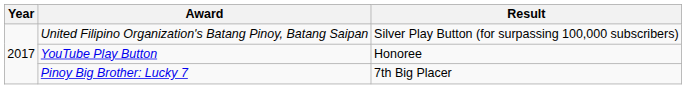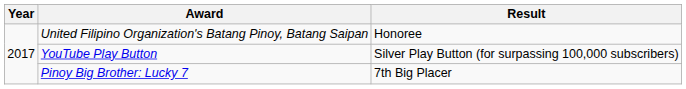 <table class="wikitable">
 <tr>
 <th>Year</th>
 <th>Award</th>
 <th>Result</th>
 </tr>
 <tr>
 <td rowspan="3">2017</td>
 <td><em>United Filipino Organization's Batang Pinoy, Batang Saipan</em></td>
-<td>Silver Play Button (for surpassing 100,000 subscribers)</td>
+<td>Honoree</td>
 </tr>
 <tr>
 <td><em><a href='#'>YouTube Play Button</a></em></td>
-<td>Honoree</td>
+<td>Silver Play Button (for surpassing 100,000 subscribers)</td>
 </tr>
 <tr>
 <td><em><a href='#'>Pinoy Big Brother: Lucky 7</a></em></td>
 <td>7th Big Placer</td>
 </tr>
 </table>
